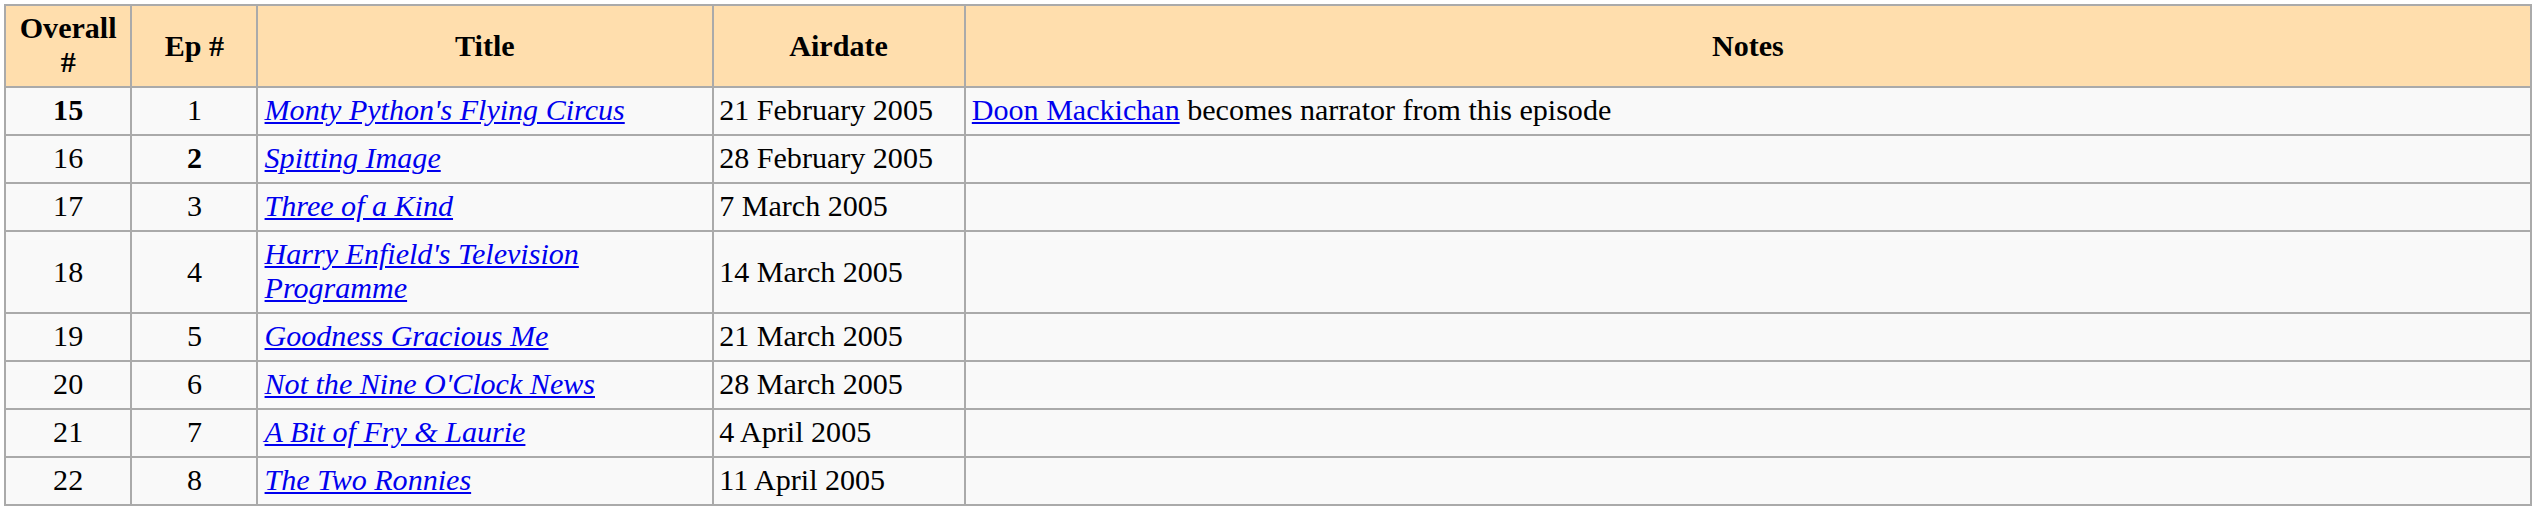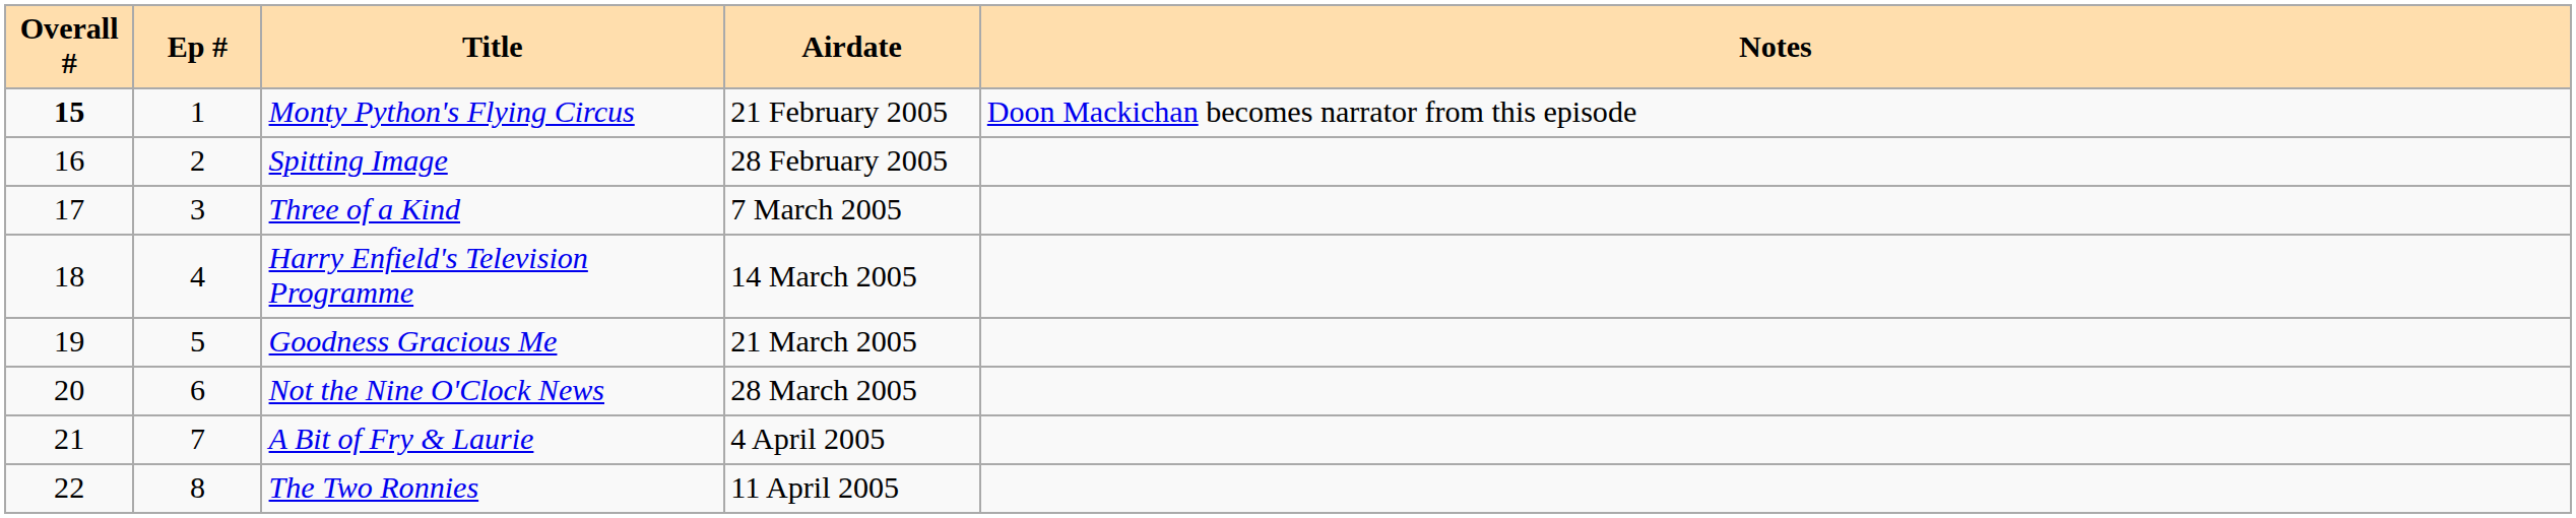 <table class="wikitable" border=1 width="100%" style="font-size: 94%">
 <tr>
 <th style="background:#ffdead" width=5%>Overall #</th>
 <th style="background:#ffdead" width=5%>Ep #</th>
 <th style="background:#ffdead" width=18%>Title</th>
 <th style="background:#ffdead" width=10%>Airdate</th>
 <th style="background:#ffdead">Notes</th>
 </tr>
 <tr>
 <td align="center"><strong>15</strong></td>
 <td align="center">1</td>
 <td><em><a href='#'>Monty Python's Flying Circus</a></em></td>
 <td>21 February 2005</td>
 <td><a href='#'>Doon Mackichan</a> becomes narrator from this episode</td>
 </tr>
 <tr>
 <td align="center">16</td>
-<td align="center"><strong>2</strong></td>
+<td align="center">2</td>
 <td><em><a href='#'>Spitting Image</a></em></td>
 <td>28 February 2005</td>
 <td></td>
 </tr>
 <tr>
 <td align="center">17</td>
 <td align="center">3</td>
 <td><em><a href='#'>Three of a Kind</a></em></td>
 <td>7 March 2005</td>
 <td></td>
 </tr>
 <tr>
 <td align="center">18</td>
 <td align="center">4</td>
 <td><em><a href='#'>Harry Enfield's Television Programme</a></em></td>
 <td>14 March 2005</td>
 <td></td>
 </tr>
 <tr>
 <td align="center">19</td>
 <td align="center">5</td>
 <td><em><a href='#'>Goodness Gracious Me</a></em></td>
 <td>21 March 2005</td>
 <td></td>
 </tr>
 <tr>
 <td align="center">20</td>
 <td align="center">6</td>
 <td><em><a href='#'>Not the Nine O'Clock News</a></em></td>
 <td>28 March 2005</td>
 <td></td>
 </tr>
 <tr>
 <td align="center">21</td>
 <td align="center">7</td>
 <td><em><a href='#'>A Bit of Fry & Laurie</a></em></td>
 <td>4 April 2005</td>
 <td></td>
 </tr>
 <tr>
 <td align="center">22</td>
 <td align="center">8</td>
 <td><em><a href='#'>The Two Ronnies</a></em></td>
 <td>11 April 2005</td>
 <td></td>
 </tr>
 <tr>
 </tr>
 </table>
